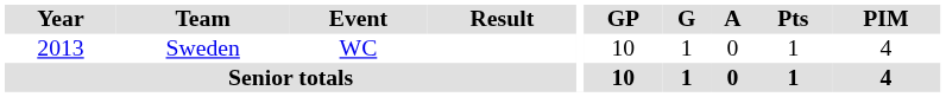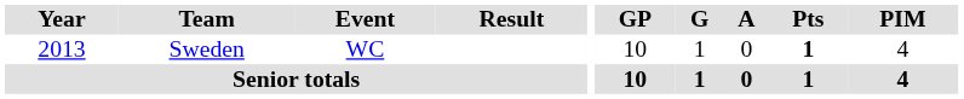 <table border="0" cellpadding="1" cellspacing="0" ID="Table3" style="text-align:center; width:40em">
 <tr ALIGN="center" bgcolor="#e0e0e0">
 <th>Year</th>
 <th>Team</th>
 <th>Event</th>
 <th>Result</th>
 <th rowspan="99" bgcolor="#ffffff"></th>
 <th>GP</th>
 <th>G</th>
 <th>A</th>
 <th>Pts</th>
 <th>PIM</th>
 </tr>
 <tr>
 <td><a href='#'>2013</a></td>
 <td><a href='#'>Sweden</a></td>
 <td><a href='#'>WC</a></td>
 <td></td>
 <td>10</td>
 <td>1</td>
 <td>0</td>
-<td>1</td>
+<td><strong>1</strong></td>
 <td>4</td>
 </tr>
 <tr bgcolor="#e0e0e0">
 <th colspan="4">Senior totals</th>
 <th>10</th>
 <th>1</th>
 <th>0</th>
 <th>1</th>
 <th>4</th>
 </tr>
 </table>
